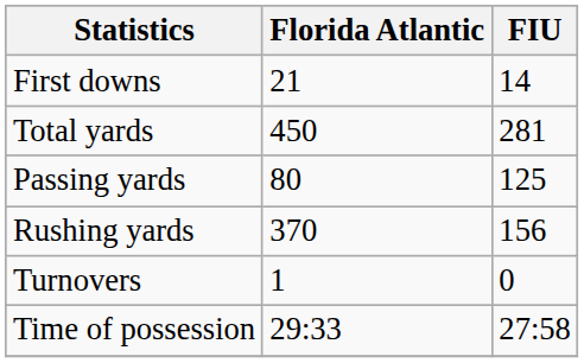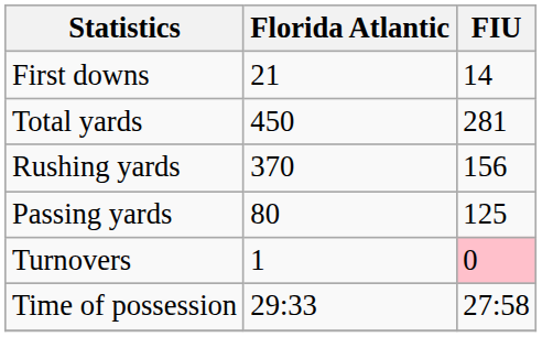 <table class="wikitable">
 <tr>
 <th>Statistics</th>
 <th>Florida Atlantic</th>
 <th>FIU</th>
 </tr>
 <tr>
 <td>First downs</td>
 <td>21</td>
 <td>14</td>
 </tr>
 <tr>
 <td>Total yards</td>
 <td>450</td>
 <td>281</td>
 </tr>
 <tr>
+<td>Rushing yards</td>
+<td>370</td>
+<td>156</td>
+</tr>
+<tr>
 <td>Passing yards</td>
 <td>80</td>
 <td>125</td>
 </tr>
 <tr>
-<td>Rushing yards</td>
-<td>370</td>
-<td>156</td>
-</tr>
-<tr>
 <td>Turnovers</td>
 <td>1</td>
-<td>0</td>
+<td style="background: pink;">0</td>
 </tr>
 <tr>
 <td>Time of possession</td>
 <td>29:33</td>
 <td>27:58</td>
 </tr>
 <tr>
 </tr>
 </table>
